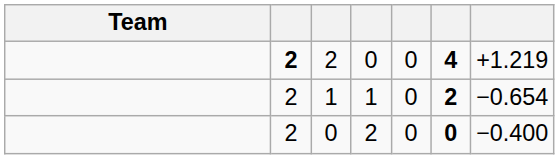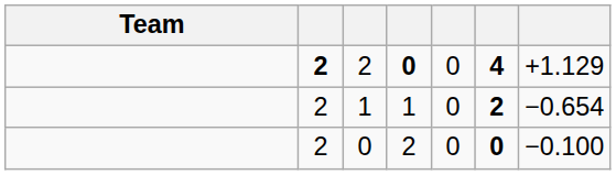 <table class="wikitable" style="text-align:center">
 <tr>
 <th width=175>Team</th>
 <th width=20></th>
 <th width=20></th>
 <th width=20></th>
 <th width=20></th>
 <th width=20></th>
 <th width=20></th>
 </tr>
 <tr>
 <td align="left"></td>
 <td><strong>2</strong></td>
 <td>2</td>
-<td>0</td>
+<td><strong>0</strong></td>
 <td>0</td>
 <td><strong>4</strong></td>
-<td>+1.219</td>
+<td>+1.129</td>
 </tr>
 <tr>
 <td align="left"></td>
 <td>2</td>
 <td>1</td>
 <td>1</td>
 <td>0</td>
 <td><strong>2</strong></td>
 <td>−0.654</td>
 </tr>
 <tr>
 <td align="left"></td>
 <td>2</td>
 <td>0</td>
 <td>2</td>
 <td>0</td>
 <td><strong>0</strong></td>
-<td>−0.400</td>
+<td>−0.100</td>
 </tr>
 </table>
